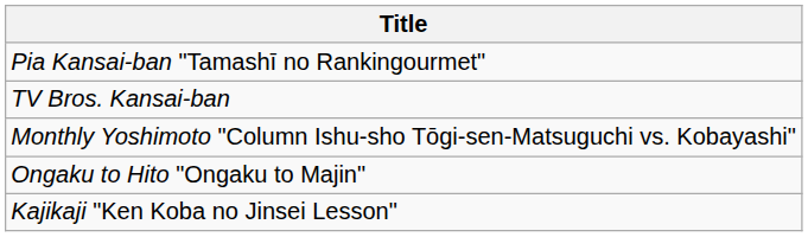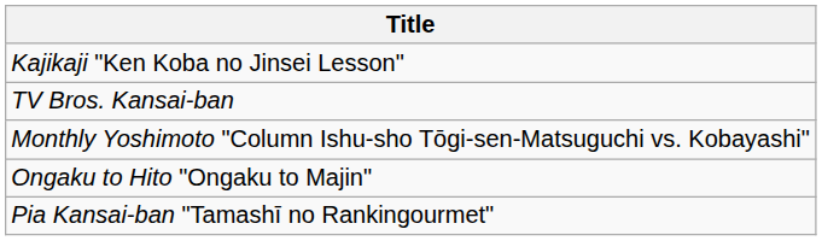 <table class="wikitable">
 <tr>
 <th>Title</th>
 </tr>
 <tr>
-<td><em>Pia Kansai-ban</em> "Tamashī no Rankingourmet"</td>
+<td><em>Kajikaji</em> "Ken Koba no Jinsei Lesson"</td>
 </tr>
 <tr>
 <td><em>TV Bros. Kansai-ban</em></td>
 </tr>
 <tr>
 <td><em>Monthly Yoshimoto</em> "Column Ishu-sho Tōgi-sen-Matsuguchi vs. Kobayashi"</td>
 </tr>
 <tr>
 <td><em>Ongaku to Hito</em> "Ongaku to Majin"</td>
 </tr>
 <tr>
-<td><em>Kajikaji</em> "Ken Koba no Jinsei Lesson"</td>
+<td><em>Pia Kansai-ban</em> "Tamashī no Rankingourmet"</td>
 </tr>
 </table>
